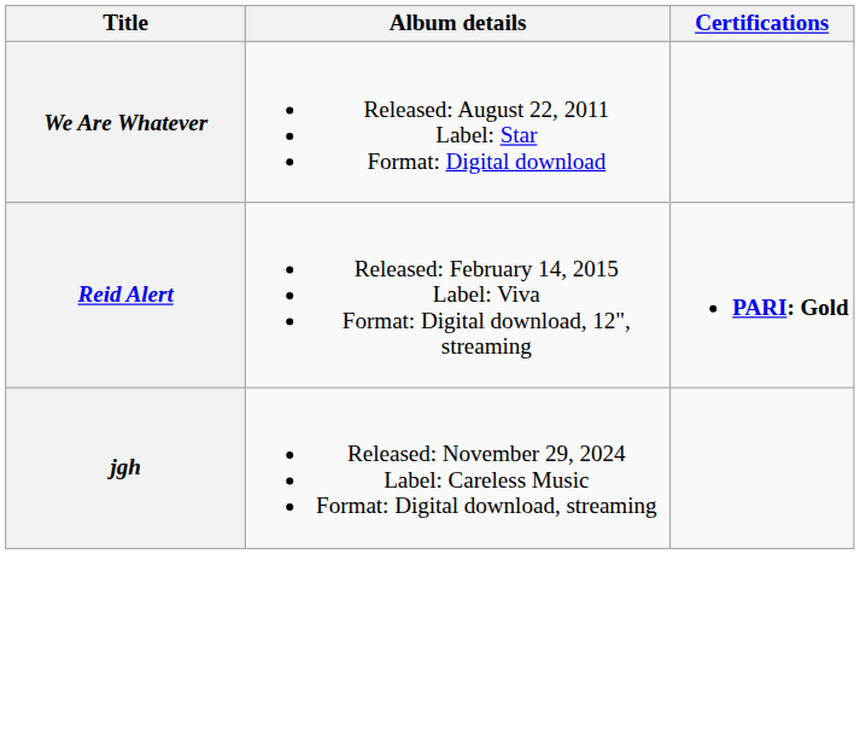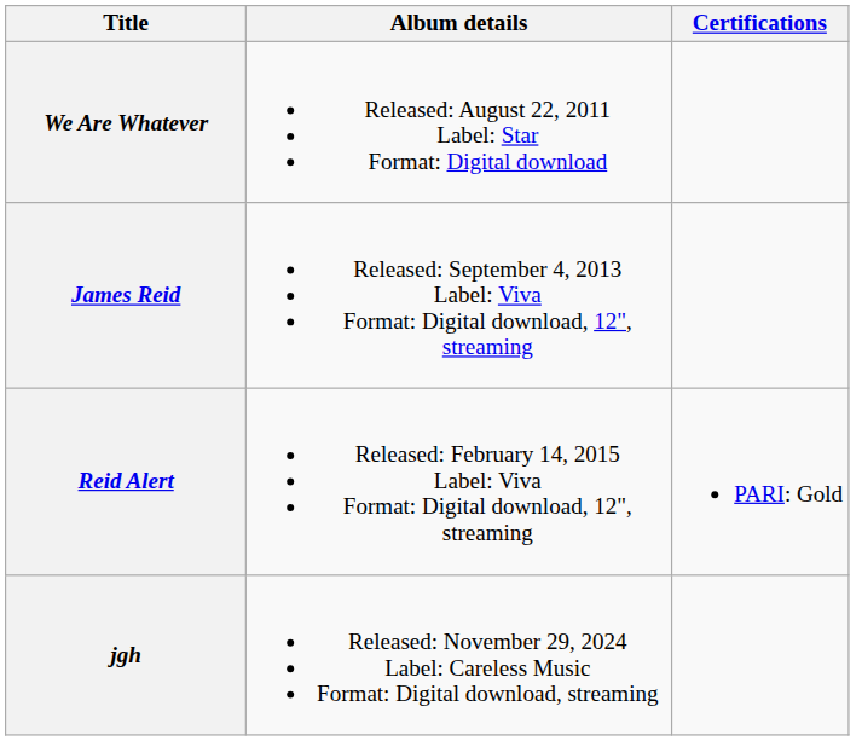 <table class="wikitable plainrowheaders" style="text-align:center;">
 <tr>
 <th scope="col" style="width:10em;">Title</th>
 <th scope="col" style="width:18em;">Album details</th>
 <th scope="col"><a href='#'>Certifications</a></th>
 </tr>
 <tr>
 <th scope="row"><em>We Are Whatever</em><br></th>
 <td><br><ul><li>Released: August 22, 2011 </li><li>Label: <a href='#'>Star</a></li><li>Format: <a href='#'>Digital download</a></li></ul></td>
 <td></td>
 </tr>
 <tr>
+<th scope="row"><em><a href='#'>James Reid</a></em></th>
+<td><br><ul><li>Released: September 4, 2013 </li><li>Label: <a href='#'>Viva</a></li><li>Format: Digital download, <a href='#'>12"</a>, <a href='#'>streaming</a></li></ul></td>
+<td></td>
+</tr>
+<tr>
 <th scope="row"><em><a href='#'>Reid Alert</a></em></th>
 <td><br><ul><li>Released: February 14, 2015 </li><li>Label: Viva</li><li>Format: Digital download, 12", streaming</li></ul></td>
-<td><strong><br><ul><li><a href='#'>PARI</a>: Gold</li></ul></strong></td>
+<td><br><ul><li><a href='#'>PARI</a>: Gold</li></ul></td>
 </tr>
 <tr>
 <th scope="row"><em>jgh</em></th>
 <td><br><ul><li>Released: November 29, 2024</li><li>Label: Careless Music</li><li>Format: Digital download, streaming</li></ul></td>
 <td></td>
 </tr>
 </table>
